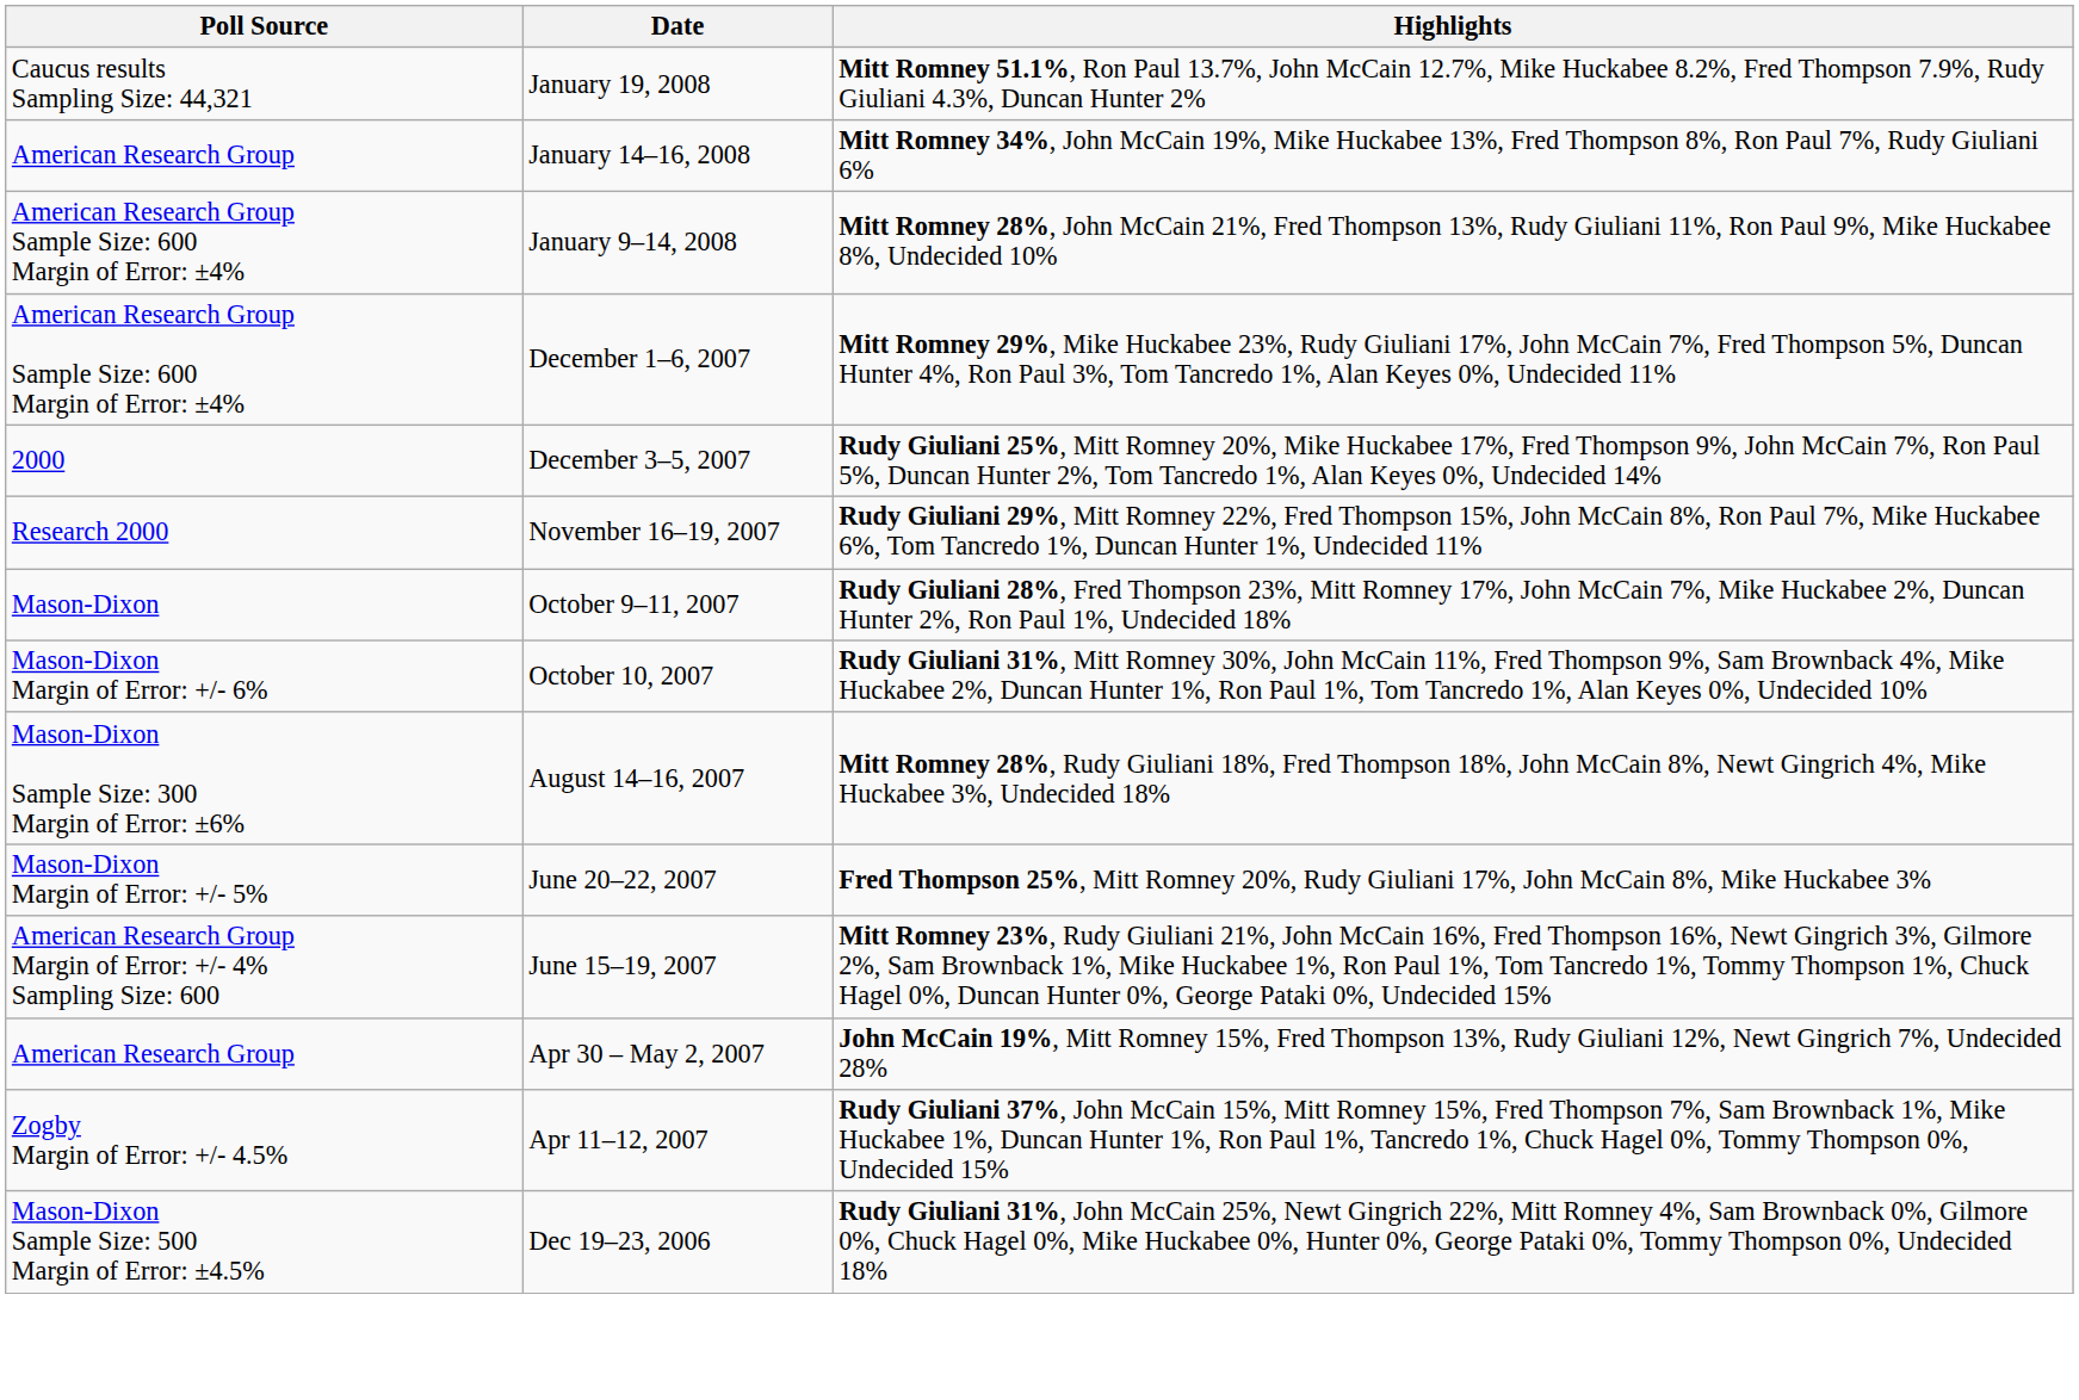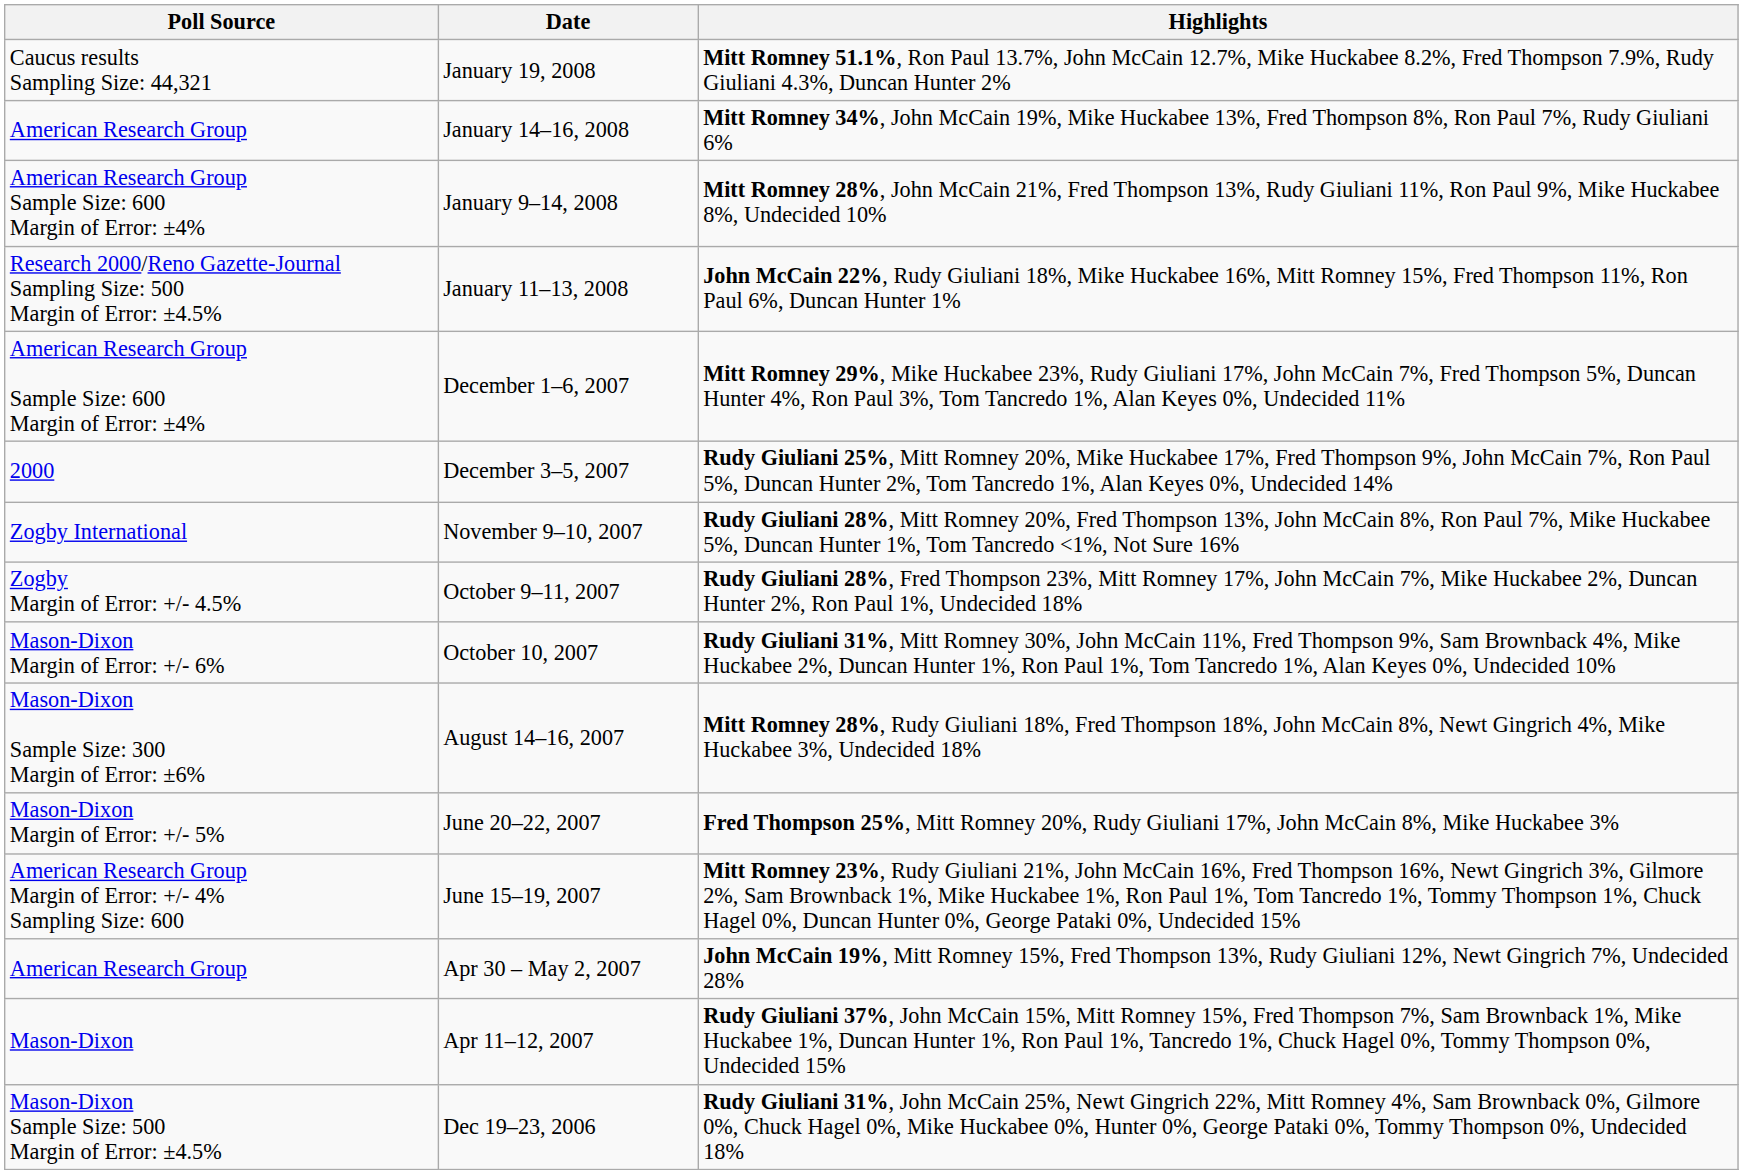 <table class="wikitable sortable">
 <tr>
 <th width="25%">Poll Source</th>
 <th width="15%">Date</th>
 <th width="60%">Highlights</th>
 </tr>
 <tr>
 <td>Caucus results<br>Sampling Size: 44,321<br></td>
 <td>January 19, 2008</td>
 <td><strong>Mitt Romney 51.1%</strong>, Ron Paul 13.7%, John McCain 12.7%, Mike Huckabee 8.2%, Fred Thompson 7.9%, Rudy Giuliani 4.3%, Duncan Hunter 2%</td>
 </tr>
 <tr>
 <td><a href='#'>American Research Group</a></td>
 <td>January 14–16, 2008</td>
 <td><strong>Mitt Romney 34%</strong>, John McCain 19%, Mike Huckabee 13%, Fred Thompson 8%, Ron Paul 7%, Rudy Giuliani 6%</td>
 </tr>
 <tr>
 <td><a href='#'>American Research Group</a><br>Sample Size: 600<br> Margin of Error: ±4%</td>
 <td>January 9–14, 2008</td>
 <td><strong>Mitt Romney 28%</strong>, John McCain 21%, Fred Thompson 13%, Rudy Giuliani 11%, Ron Paul 9%, Mike Huckabee 8%, Undecided 10%</td>
 </tr>
 <tr>
+<td><a href='#'>Research 2000</a>/<a href='#'>Reno Gazette-Journal</a><br>Sampling Size: 500<br> Margin of Error: ±4.5%</td>
+<td>January 11–13, 2008</td>
+<td><strong>John McCain 22%</strong>, Rudy Giuliani 18%, Mike Huckabee 16%, Mitt Romney 15%, Fred Thompson 11%, Ron Paul 6%, Duncan Hunter 1%</td>
+</tr>
+<tr>
 <td><a href='#'>American Research Group</a><br><br>Sample Size: 600<br> Margin of Error: ±4%</td>
 <td>December 1–6, 2007</td>
 <td><strong>Mitt Romney 29%</strong>, Mike Huckabee 23%, Rudy Giuliani 17%, John McCain 7%, Fred Thompson 5%, Duncan Hunter 4%, Ron Paul 3%, Tom Tancredo 1%, Alan Keyes 0%, Undecided 11%</td>
 </tr>
 <tr>
 <td><a href='#'>2000</a></td>
 <td>December 3–5, 2007</td>
 <td><strong>Rudy Giuliani 25%</strong>, Mitt Romney 20%, Mike Huckabee 17%, Fred Thompson 9%, John McCain 7%, Ron Paul 5%, Duncan Hunter 2%, Tom Tancredo 1%, Alan Keyes 0%, Undecided 14%</td>
 </tr>
 <tr>
-<td><a href='#'>Research 2000</a></td>
-<td>November 16–19, 2007</td>
-<td><strong>Rudy Giuliani 29%</strong>, Mitt Romney 22%, Fred Thompson 15%, John McCain 8%, Ron Paul 7%, Mike Huckabee 6%, Tom Tancredo 1%, Duncan Hunter 1%, Undecided 11%</td>
+<td><a href='#'>Zogby International</a></td>
+<td>November 9–10, 2007</td>
+<td><strong>Rudy Giuliani 28%</strong>, Mitt Romney 20%, Fred Thompson 13%, John McCain 8%, Ron Paul 7%, Mike Huckabee 5%, Duncan Hunter 1%, Tom Tancredo <1%, Not Sure 16%</td>
 </tr>
 <tr>
-<td><a href='#'>Mason-Dixon</a></td>
+<td><a href='#'>Zogby</a><br>Margin of Error: +/- 4.5%</td>
 <td>October 9–11, 2007</td>
 <td><strong>Rudy Giuliani 28%</strong>, Fred Thompson 23%, Mitt Romney 17%, John McCain 7%, Mike Huckabee 2%, Duncan Hunter 2%, Ron Paul 1%, Undecided 18%</td>
 </tr>
 <tr>
 <td><a href='#'>Mason-Dixon</a><br>Margin of Error: +/- 6%</td>
 <td>October 10, 2007</td>
 <td><strong>Rudy Giuliani 31%</strong>, Mitt Romney 30%, John McCain 11%, Fred Thompson 9%, Sam Brownback 4%, Mike Huckabee 2%, Duncan Hunter 1%, Ron Paul 1%, Tom Tancredo 1%, Alan Keyes 0%, Undecided 10%</td>
 </tr>
 <tr>
 <td><a href='#'>Mason-Dixon</a><br><br>Sample Size: 300<br> Margin of Error: ±6%</td>
 <td>August 14–16, 2007</td>
 <td><strong>Mitt Romney 28%</strong>, Rudy Giuliani 18%, Fred Thompson 18%, John McCain 8%, Newt Gingrich 4%, Mike Huckabee 3%, Undecided 18%</td>
 </tr>
 <tr>
 <td><a href='#'>Mason-Dixon</a><br>Margin of Error: +/- 5%</td>
 <td>June 20–22, 2007</td>
 <td><strong>Fred Thompson 25%</strong>, Mitt Romney 20%, Rudy Giuliani 17%, John McCain 8%, Mike Huckabee 3%</td>
 </tr>
 <tr>
 <td><a href='#'>American Research Group</a><br>Margin of Error: +/- 4%<br> Sampling Size: 600</td>
 <td>June 15–19, 2007</td>
 <td><strong>Mitt Romney 23%</strong>, Rudy Giuliani 21%, John McCain 16%, Fred Thompson 16%, Newt Gingrich 3%, Gilmore 2%, Sam Brownback 1%, Mike Huckabee 1%, Ron Paul 1%, Tom Tancredo 1%, Tommy Thompson 1%, Chuck Hagel 0%, Duncan Hunter 0%, George Pataki 0%, Undecided 15%</td>
 </tr>
 <tr>
 <td><a href='#'>American Research Group</a></td>
 <td>Apr 30 – May 2, 2007</td>
 <td><strong>John McCain 19%</strong>, Mitt Romney 15%, Fred Thompson 13%, Rudy Giuliani 12%, Newt Gingrich 7%, Undecided 28%</td>
 </tr>
 <tr>
-<td><a href='#'>Zogby</a><br>Margin of Error: +/- 4.5%</td>
+<td><a href='#'>Mason-Dixon</a></td>
 <td>Apr 11–12, 2007</td>
 <td><strong>Rudy Giuliani 37%</strong>, John McCain 15%, Mitt Romney 15%, Fred Thompson 7%, Sam Brownback 1%, Mike Huckabee 1%, Duncan Hunter 1%, Ron Paul 1%, Tancredo 1%, Chuck Hagel 0%, Tommy Thompson 0%, Undecided 15%</td>
 </tr>
 <tr>
 <td><a href='#'>Mason-Dixon</a><br>Sample Size: 500<br> Margin of Error: ±4.5%</td>
 <td>Dec 19–23, 2006</td>
 <td><strong>Rudy Giuliani 31%</strong>, John McCain 25%, Newt Gingrich 22%, Mitt Romney 4%, Sam Brownback 0%, Gilmore 0%, Chuck Hagel 0%, Mike Huckabee 0%, Hunter 0%, George Pataki 0%, Tommy Thompson 0%, Undecided 18%</td>
 </tr>
 </table>
